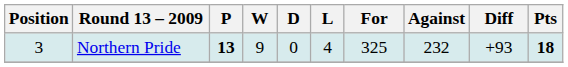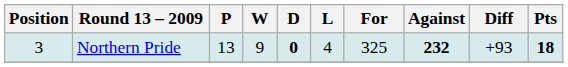 <table class="wikitable" style="text-align:center; font-size:85%;">
 <tr>
 <th width=40 abbr="Position">Position</th>
 <th width=100>Round 13 – 2009</th>
 <th width=20 abbr="Played">P</th>
 <th width=20 abbr="Won">W</th>
 <th width=20 abbr="Drawn">D</th>
 <th width=20 abbr="Lost">L</th>
 <th width=40 abbr="Points for">For</th>
 <th width=40 abbr="Points against">Against</th>
 <th width=40 abbr="Points difference">Diff</th>
 <th width=20 abbr="Points">Pts</th>
 </tr>
 <tr style="background: #d7ebed;">
 <td>3</td>
 <td style="text-align:left;"> <a href='#'>Northern Pride</a></td>
-<td><strong>13</strong></td>
+<td>13</td>
 <td>9</td>
-<td>0</td>
+<td><strong>0</strong></td>
 <td>4</td>
 <td>325</td>
-<td>232</td>
+<td><strong>232</strong></td>
 <td>+93</td>
 <td><strong>18</strong></td>
 </tr>
 <tr>
 </tr>
 </table>
